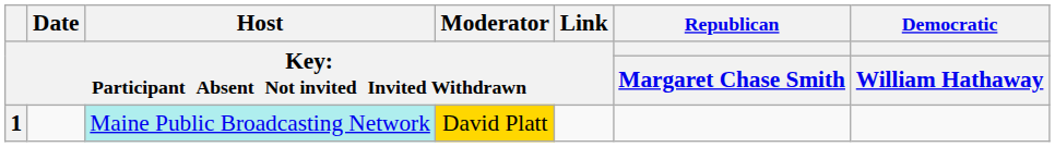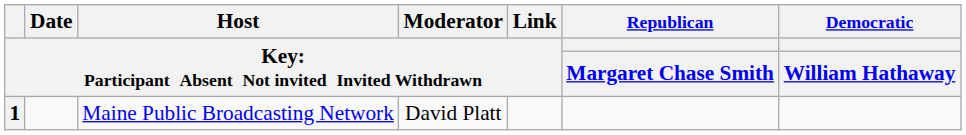 <table class="wikitable" style="text-align:center;">
 <tr>
 <th scope="col"></th>
 <th scope="col">Date</th>
 <th scope="col">Host</th>
 <th scope="col">Moderator</th>
 <th scope="col">Link</th>
 <th scope="col"><small><a href='#'>Republican</a></small></th>
 <th scope="col"><small><a href='#'>Democratic</a></small></th>
 </tr>
 <tr>
 <th colspan="5" rowspan="2">Key:<br> <small>Participant </small>  <small>Absent </small>  <small>Not invited </small>  <small>Invited  Withdrawn</small></th>
 <th scope="col" style="background:"></th>
 <th scope="col" style="background:"></th>
 </tr>
 <tr>
 <th scope="col"><a href='#'>Margaret Chase Smith</a></th>
 <th scope="col"><a href='#'>William Hathaway</a></th>
 </tr>
 <tr>
 <th>1</th>
 <td style="white-space:nowrap;"></td>
-<td style="background: paleturquoise; white-space:nowrap;"><a href='#'>Maine Public Broadcasting Network</a></td>
-<td style="background: gold; white-space:nowrap;">David Platt</td>
+<td style="white-space:nowrap;"><a href='#'>Maine Public Broadcasting Network</a></td>
+<td style="white-space:nowrap;">David Platt</td>
 <td style="white-space:nowrap;"></td>
 <td></td>
 <td></td>
 </tr>
 </table>
